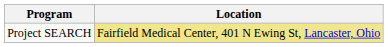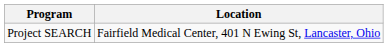 <table class="wikitable">
 <tr>
 <th>Program</th>
 <th>Location</th>
 </tr>
 <tr>
 <td>Project SEARCH</td>
-<td style="background: khaki;">Fairfield Medical Center, 401 N Ewing St, <a href='#'>Lancaster, Ohio</a></td>
+<td>Fairfield Medical Center, 401 N Ewing St, <a href='#'>Lancaster, Ohio</a></td>
 </tr>
 </table>
